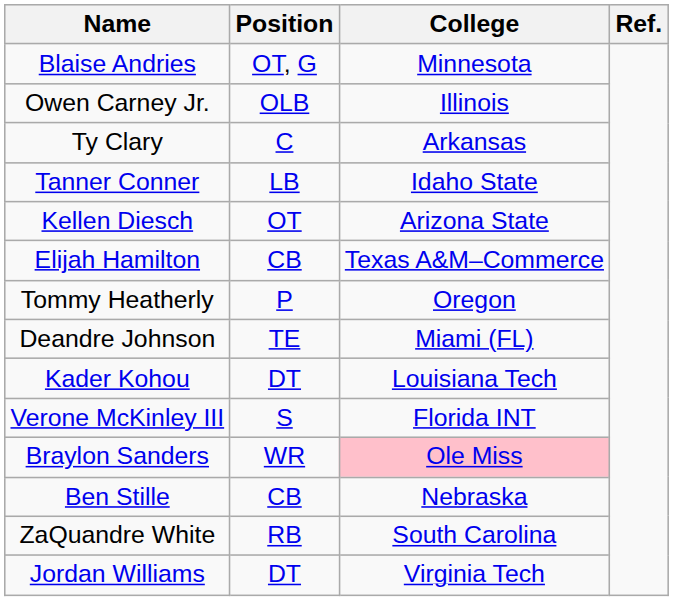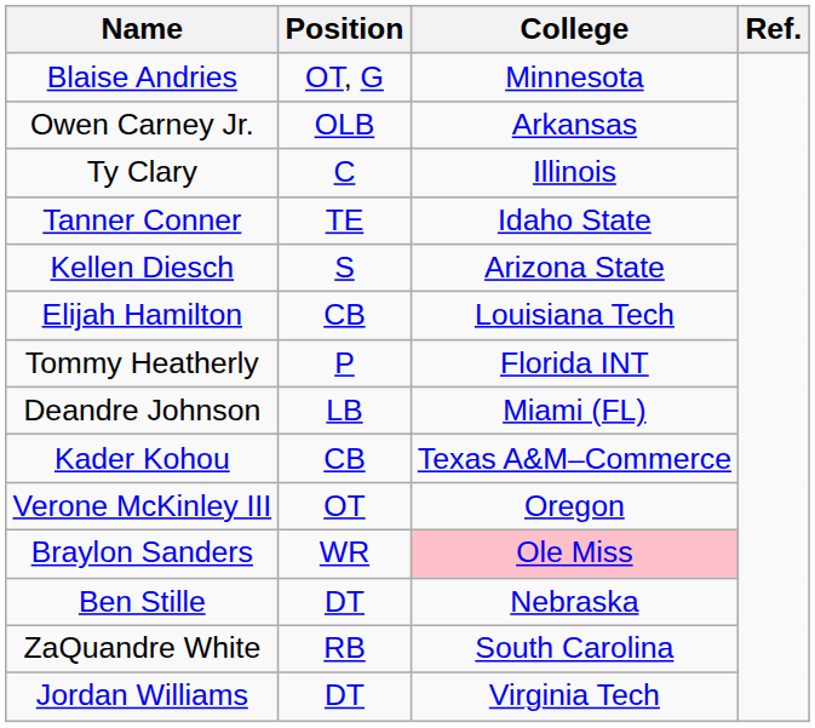 <table class="wikitable" style="text-align:center">
 <tr>
 <th>Name</th>
 <th>Position</th>
 <th>College</th>
 <th>Ref.</th>
 </tr>
 <tr>
 <td><a href='#'>Blaise Andries</a></td>
 <td><a href='#'>OT</a>, <a href='#'>G</a></td>
 <td><a href='#'>Minnesota</a></td>
 <td rowspan = 14></td>
 </tr>
 <tr>
 <td>Owen Carney Jr.</td>
 <td><a href='#'>OLB</a></td>
-<td><a href='#'>Illinois</a></td>
+<td><a href='#'>Arkansas</a></td>
 </tr>
 <tr>
 <td>Ty Clary</td>
 <td><a href='#'>C</a></td>
-<td><a href='#'>Arkansas</a></td>
+<td><a href='#'>Illinois</a></td>
 </tr>
 <tr>
 <td><a href='#'>Tanner Conner</a></td>
-<td><a href='#'>LB</a></td>
+<td><a href='#'>TE</a></td>
 <td><a href='#'>Idaho State</a></td>
 </tr>
 <tr>
 <td><a href='#'>Kellen Diesch</a></td>
-<td><a href='#'>OT</a></td>
+<td><a href='#'>S</a></td>
 <td><a href='#'>Arizona State</a></td>
 </tr>
 <tr>
 <td><a href='#'>Elijah Hamilton</a></td>
 <td><a href='#'>CB</a></td>
-<td><a href='#'>Texas A&M–Commerce</a></td>
+<td><a href='#'>Louisiana Tech</a></td>
 </tr>
 <tr>
 <td>Tommy Heatherly</td>
 <td><a href='#'>P</a></td>
-<td><a href='#'>Oregon</a></td>
+<td><a href='#'>Florida INT</a></td>
 </tr>
 <tr>
 <td>Deandre Johnson</td>
-<td><a href='#'>TE</a></td>
+<td><a href='#'>LB</a></td>
 <td><a href='#'>Miami (FL)</a></td>
 </tr>
 <tr>
 <td><a href='#'>Kader Kohou</a></td>
-<td><a href='#'>DT</a></td>
-<td><a href='#'>Louisiana Tech</a></td>
+<td><a href='#'>CB</a></td>
+<td><a href='#'>Texas A&M–Commerce</a></td>
 </tr>
 <tr>
 <td><a href='#'>Verone McKinley III</a></td>
-<td><a href='#'>S</a></td>
-<td><a href='#'>Florida INT</a></td>
+<td><a href='#'>OT</a></td>
+<td><a href='#'>Oregon</a></td>
 </tr>
 <tr>
 <td><a href='#'>Braylon Sanders</a></td>
 <td><a href='#'>WR</a></td>
 <td style="background: pink;"><a href='#'>Ole Miss</a></td>
 </tr>
 <tr>
 <td><a href='#'>Ben Stille</a></td>
-<td><a href='#'>CB</a></td>
+<td><a href='#'>DT</a></td>
 <td><a href='#'>Nebraska</a></td>
 </tr>
 <tr>
 <td>ZaQuandre White</td>
 <td><a href='#'>RB</a></td>
 <td><a href='#'>South Carolina</a></td>
 </tr>
 <tr>
 <td><a href='#'>Jordan Williams</a></td>
 <td><a href='#'>DT</a></td>
 <td><a href='#'>Virginia Tech</a></td>
 </tr>
 </table>
